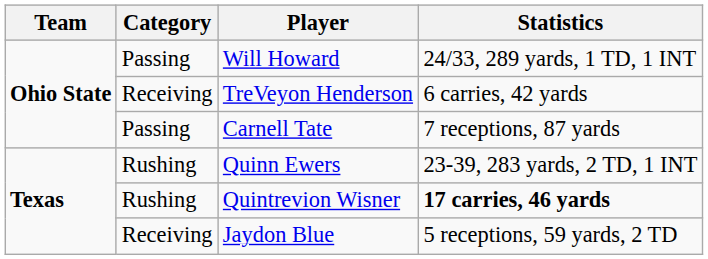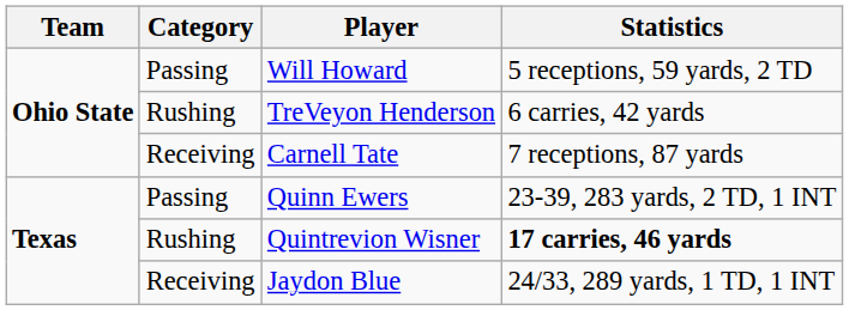 <table class="wikitable" style="float: right;">
 <tr>
 <th>Team</th>
 <th>Category</th>
 <th>Player</th>
 <th>Statistics</th>
 </tr>
 <tr>
 <td rowspan=3><strong>Ohio State</strong></td>
 <td>Passing</td>
 <td><a href='#'>Will Howard</a></td>
-<td>24/33, 289 yards, 1 TD, 1 INT</td>
+<td>5 receptions, 59 yards, 2 TD</td>
 </tr>
 <tr>
-<td>Receiving</td>
+<td>Rushing</td>
 <td><a href='#'>TreVeyon Henderson</a></td>
 <td>6 carries, 42 yards</td>
 </tr>
 <tr>
-<td>Passing</td>
+<td>Receiving</td>
 <td><a href='#'>Carnell Tate</a></td>
 <td>7 receptions, 87 yards</td>
 </tr>
 <tr>
 <td rowspan=3><strong>Texas</strong></td>
-<td>Rushing</td>
+<td>Passing</td>
 <td><a href='#'>Quinn Ewers</a></td>
 <td>23-39, 283 yards, 2 TD, 1 INT</td>
 </tr>
 <tr>
 <td>Rushing</td>
 <td><a href='#'>Quintrevion Wisner</a></td>
 <td><strong>17 carries, 46 yards</strong></td>
 </tr>
 <tr>
 <td>Receiving</td>
 <td><a href='#'>Jaydon Blue</a></td>
-<td>5 receptions, 59 yards, 2 TD</td>
+<td>24/33, 289 yards, 1 TD, 1 INT</td>
 </tr>
 </table>
